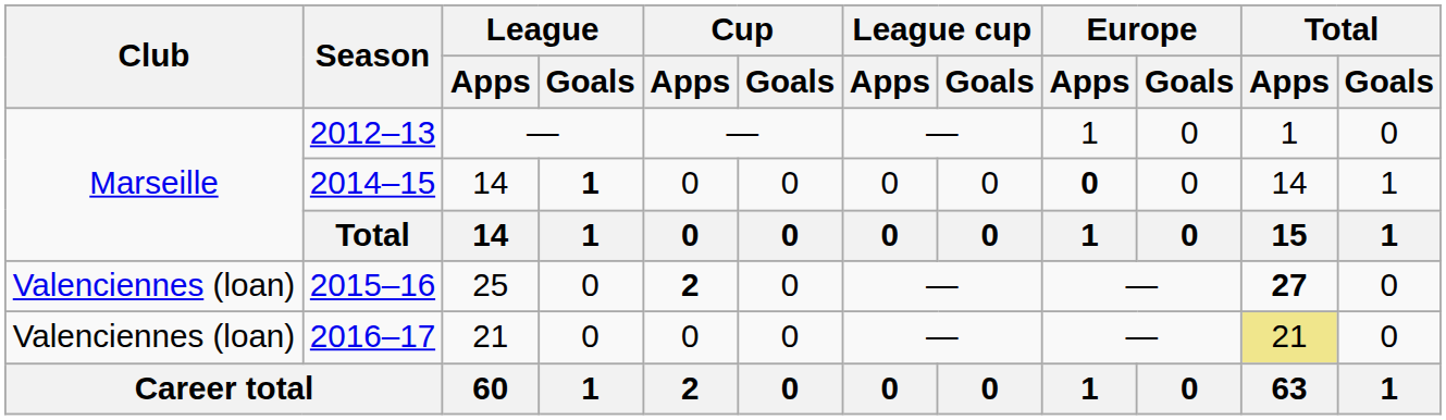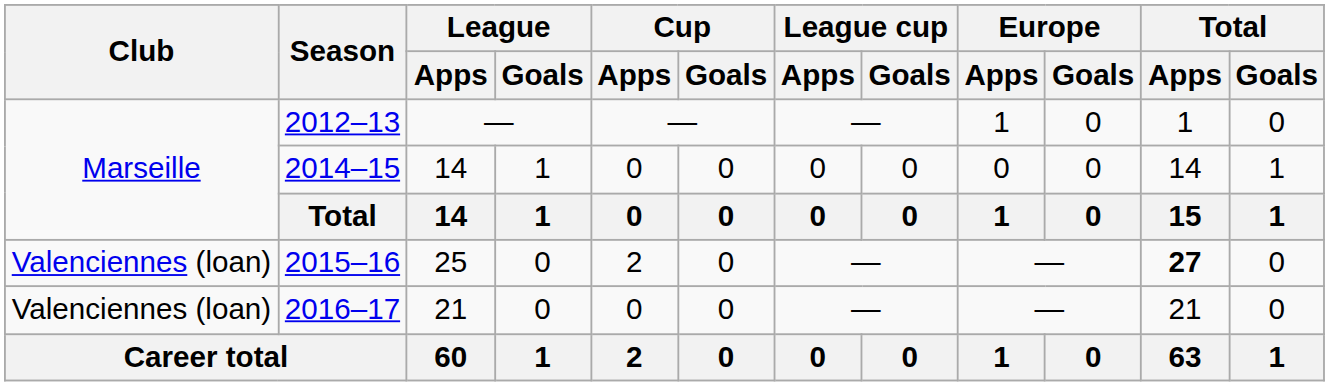 <table class="wikitable" style="text-align:center">
 <tr>
 <th rowspan="2">Club</th>
 <th rowspan="2">Season</th>
 <th colspan="2">League</th>
 <th colspan="2">Cup</th>
 <th colspan="2">League cup</th>
 <th colspan="2">Europe</th>
 <th colspan="2">Total</th>
 </tr>
 <tr>
 <th>Apps</th>
 <th>Goals</th>
 <th>Apps</th>
 <th>Goals</th>
 <th>Apps</th>
 <th>Goals</th>
 <th>Apps</th>
 <th>Goals</th>
 <th>Apps</th>
 <th>Goals</th>
 </tr>
 <tr>
 <td rowspan="3"><a href='#'>Marseille</a></td>
 <td><a href='#'>2012–13</a></td>
 <td colspan="2">—</td>
 <td colspan="2">—</td>
 <td colspan="2">—</td>
 <td>1</td>
 <td>0</td>
 <td>1</td>
 <td>0</td>
 </tr>
 <tr>
 <td><a href='#'>2014–15</a></td>
 <td>14</td>
-<td><strong>1</strong></td>
+<td>1</td>
 <td>0</td>
 <td>0</td>
 <td>0</td>
 <td>0</td>
-<td><strong>0</strong></td>
+<td>0</td>
 <td>0</td>
 <td>14</td>
 <td>1</td>
 </tr>
 <tr>
 <th>Total</th>
 <th>14</th>
 <th>1</th>
 <th>0</th>
 <th>0</th>
 <th>0</th>
 <th>0</th>
 <th>1</th>
 <th>0</th>
 <th>15</th>
 <th>1</th>
 </tr>
 <tr>
 <td><a href='#'>Valenciennes</a> (loan)</td>
 <td><a href='#'>2015–16</a></td>
 <td>25</td>
 <td>0</td>
-<td><strong>2</strong></td>
+<td>2</td>
 <td>0</td>
 <td colspan="2">—</td>
 <td colspan="2">—</td>
 <td><strong>27</strong></td>
 <td>0</td>
 </tr>
 <tr>
 <td>Valenciennes (loan)</td>
 <td><a href='#'>2016–17</a></td>
 <td>21</td>
 <td>0</td>
 <td>0</td>
 <td>0</td>
 <td colspan="2">—</td>
 <td colspan="2">—</td>
-<td style="background: khaki;">21</td>
+<td>21</td>
 <td>0</td>
 </tr>
 <tr>
 <th colspan="2">Career total</th>
 <th>60</th>
 <th>1</th>
 <th>2</th>
 <th>0</th>
 <th>0</th>
 <th>0</th>
 <th>1</th>
 <th>0</th>
 <th>63</th>
 <th>1</th>
 </tr>
 </table>
